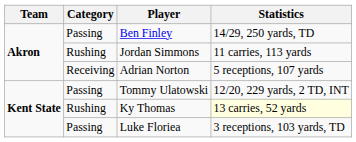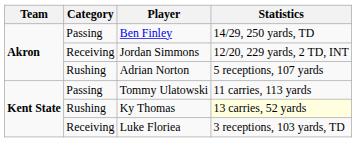 <table class="wikitable" style="float:right">
 <tr>
 <th>Team</th>
 <th>Category</th>
 <th>Player</th>
 <th>Statistics</th>
 </tr>
 <tr>
 <td rowspan=3><strong>Akron</strong></td>
 <td>Passing</td>
 <td><a href='#'>Ben Finley</a></td>
 <td>14/29, 250 yards, TD</td>
 </tr>
 <tr>
-<td>Rushing</td>
+<td>Receiving</td>
 <td>Jordan Simmons</td>
-<td>11 carries, 113 yards</td>
+<td>12/20, 229 yards, 2 TD, INT</td>
 </tr>
 <tr>
-<td>Receiving</td>
+<td>Rushing</td>
 <td>Adrian Norton</td>
 <td>5 receptions, 107 yards</td>
 </tr>
 <tr>
 <td rowspan=3><strong>Kent State</strong></td>
 <td>Passing</td>
 <td>Tommy Ulatowski</td>
-<td>12/20, 229 yards, 2 TD, INT</td>
+<td>11 carries, 113 yards</td>
 </tr>
 <tr>
 <td>Rushing</td>
 <td>Ky Thomas</td>
 <td style="background: lightyellow;">13 carries, 52 yards</td>
 </tr>
 <tr>
-<td>Passing</td>
+<td>Receiving</td>
 <td>Luke Floriea</td>
 <td>3 receptions, 103 yards, TD</td>
 </tr>
 </table>
